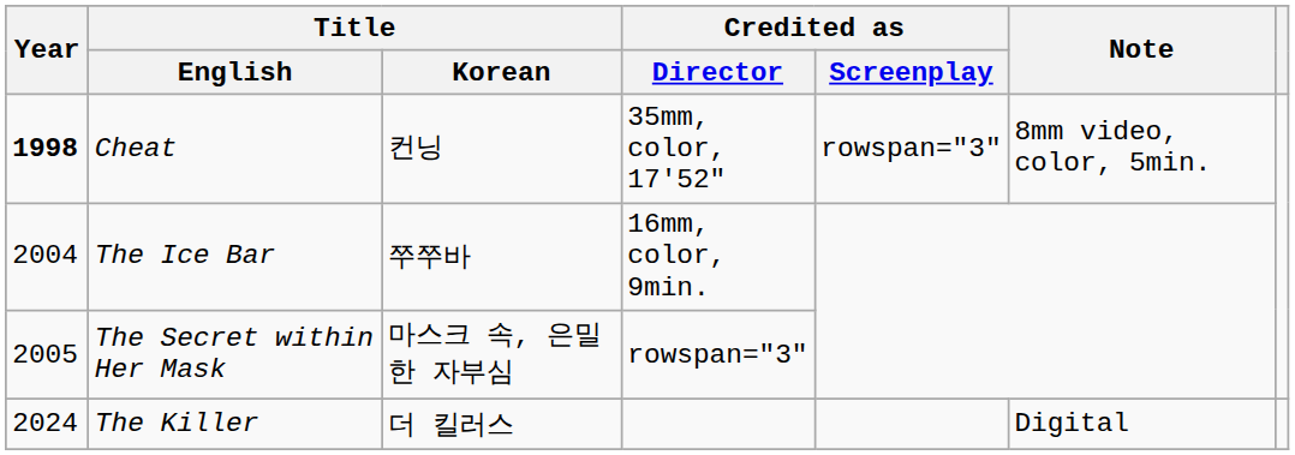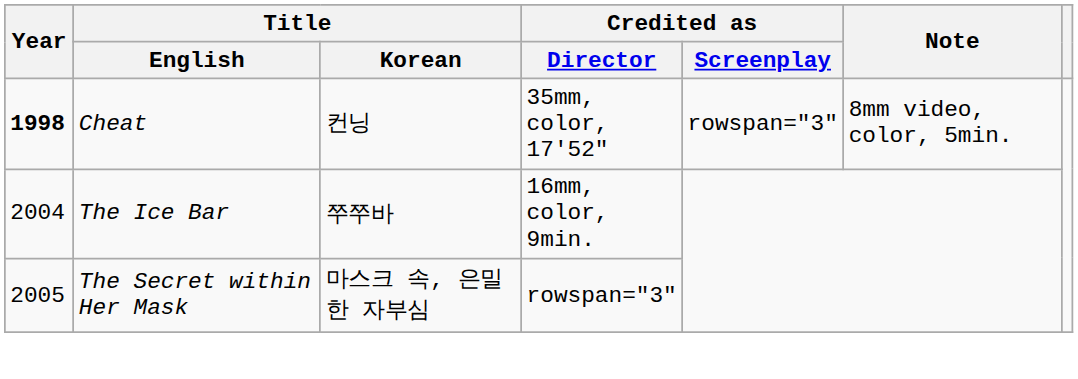 <table class="wikitable sortable plainrowheaders">
 <tr>
 <th rowspan="2" style="width:33px;">Year</th>
 <th colspan="2">Title</th>
 <th colspan="2">Credited as</th>
 <th rowspan="2">Note</th>
 <th rowspan="2" class="unsortable"></th>
 </tr>
 <tr>
 <th>English</th>
 <th>Korean</th>
 <th width="65"><a href='#'>Director</a></th>
 <th width="65"><a href='#'>Screenplay</a></th>
 </tr>
 <tr>
 <td><strong>1998</strong></td>
 <td><em>Cheat</em></td>
 <td>컨닝</td>
 <td>35mm, color, 17'52"</td>
 <td>rowspan="3" </td>
 <td>8mm video, color, 5min.</td>
 <td rowspan="3"></td>
 </tr>
 <tr>
 <td>2004</td>
 <td><em>The Ice Bar</em></td>
 <td>쭈쭈바</td>
 <td>16mm, color, 9min.</td>
 </tr>
 <tr>
 <td>2005</td>
 <td><em>The Secret within Her Mask</em></td>
 <td>마스크 속, 은밀한 자부심</td>
 <td>rowspan="3" </td>
 </tr>
-<tr>
-<td>2024</td>
-<td><em>The Killer</em></td>
-<td>더 킬러스</td>
-<td></td>
-<td></td>
-<td>Digital</td>
-<td></td>
-</tr>
 </table>
